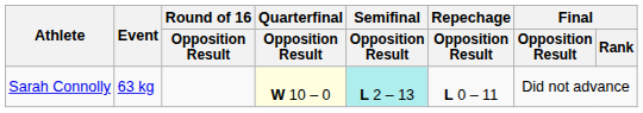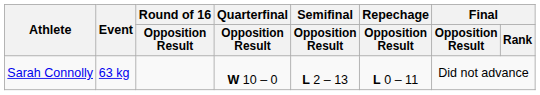 <table class="wikitable" style="font-size:90%;">
 <tr>
 <th rowspan=2>Athlete</th>
 <th rowspan=2>Event</th>
 <th>Round of 16</th>
 <th>Quarterfinal</th>
 <th>Semifinal</th>
 <th>Repechage</th>
 <th colspan=2>Final</th>
 </tr>
 <tr style="font-size: 95%">
 <th>Opposition<br>Result</th>
 <th>Opposition<br>Result</th>
 <th>Opposition<br>Result</th>
 <th>Opposition<br>Result</th>
 <th>Opposition<br>Result</th>
 <th>Rank</th>
 </tr>
 <tr align=center>
 <td align=left><a href='#'>Sarah Connolly</a></td>
 <td align=left><a href='#'>63 kg</a></td>
 <td></td>
-<td style="background: lightyellow;"><br><strong>W</strong> 10 – 0</td>
-<td style="background: paleturquoise;"><br><strong>L</strong> 2 – 13</td>
+<td><br><strong>W</strong> 10 – 0</td>
+<td><br><strong>L</strong> 2 – 13</td>
 <td><br><strong>L</strong> 0 – 11</td>
 <td colspan=2>Did not advance</td>
 </tr>
 </table>
